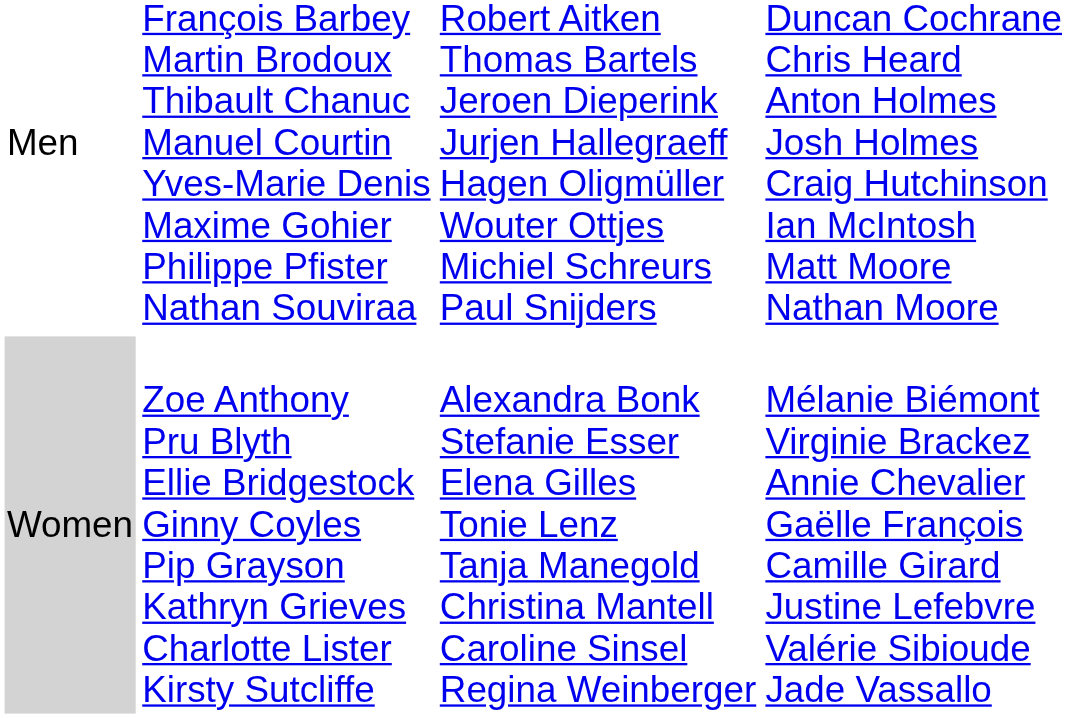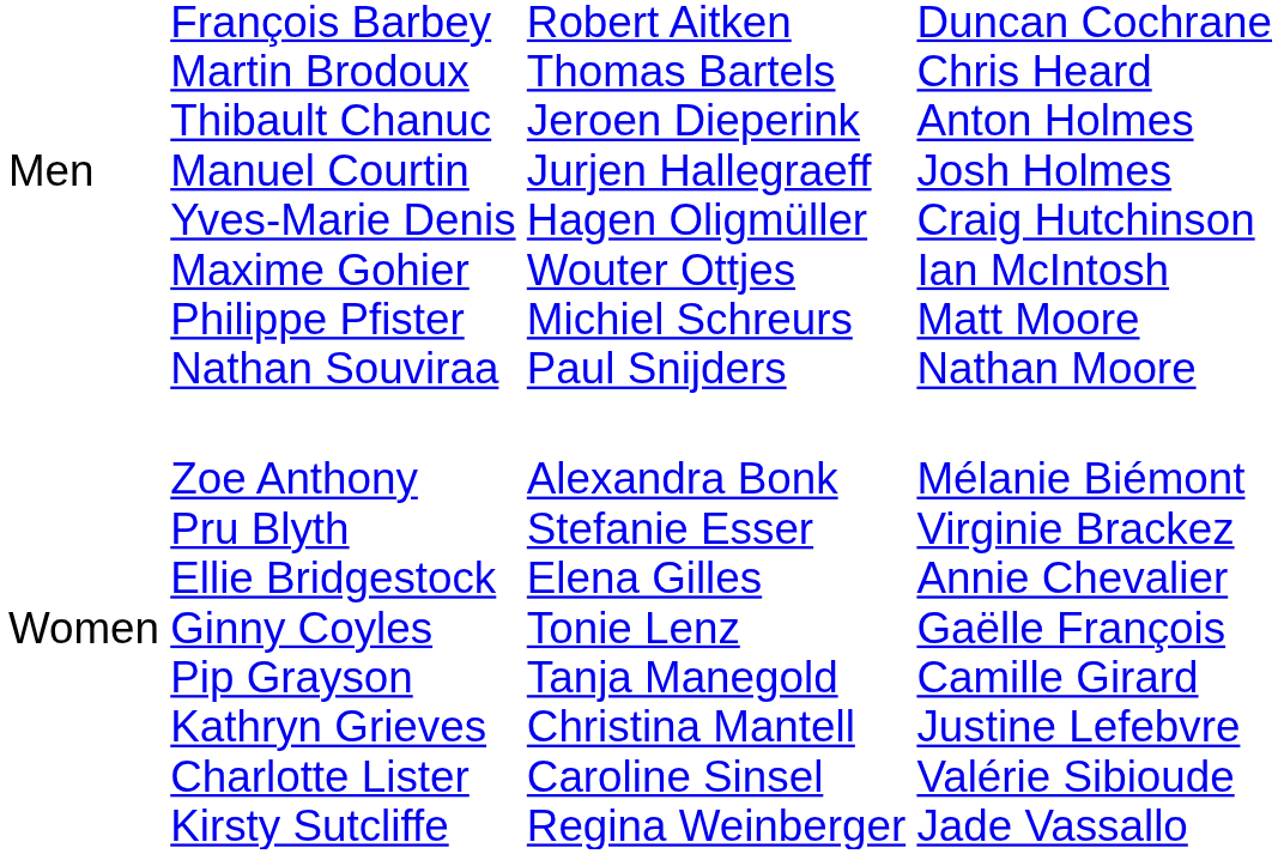 <table>
 <tr>
 <td>Men<br></td>
 <td><br><a href='#'>François Barbey</a><br><a href='#'>Martin Brodoux</a><br><a href='#'>Thibault Chanuc</a><br><a href='#'>Manuel Courtin</a><br><a href='#'>Yves-Marie Denis</a><br><a href='#'>Maxime Gohier</a><br><a href='#'>Philippe Pfister</a><br><a href='#'>Nathan Souviraa</a></td>
 <td><br><a href='#'>Robert Aitken</a><br><a href='#'>Thomas Bartels</a><br><a href='#'>Jeroen Dieperink</a><br><a href='#'>Jurjen Hallegraeff</a><br><a href='#'>Hagen Oligmüller</a><br><a href='#'>Wouter Ottjes</a><br><a href='#'>Michiel Schreurs</a><br><a href='#'>Paul Snijders</a></td>
 <td><br><a href='#'>Duncan Cochrane</a><br><a href='#'>Chris Heard</a><br><a href='#'>Anton Holmes</a><br><a href='#'>Josh Holmes</a><br><a href='#'>Craig Hutchinson</a><br><a href='#'>Ian McIntosh</a><br><a href='#'>Matt Moore</a><br><a href='#'>Nathan Moore</a></td>
 </tr>
 <tr>
-<td style="background: lightgrey;">Women<br></td>
+<td>Women<br></td>
 <td><br><a href='#'>Zoe Anthony</a><br><a href='#'>Pru Blyth</a><br><a href='#'>Ellie Bridgestock</a><br><a href='#'>Ginny Coyles</a><br><a href='#'>Pip Grayson</a><br><a href='#'>Kathryn Grieves</a><br><a href='#'>Charlotte Lister</a><br><a href='#'>Kirsty Sutcliffe</a></td>
 <td><br><a href='#'>Alexandra Bonk</a><br><a href='#'>Stefanie Esser</a><br><a href='#'>Elena Gilles</a><br><a href='#'>Tonie Lenz</a><br><a href='#'>Tanja Manegold</a><br><a href='#'>Christina Mantell</a><br><a href='#'>Caroline Sinsel</a><br><a href='#'>Regina Weinberger</a></td>
 <td><br><a href='#'>Mélanie Biémont</a><br><a href='#'>Virginie Brackez</a><br><a href='#'>Annie Chevalier</a><br><a href='#'>Gaëlle François</a><br><a href='#'>Camille Girard</a><br><a href='#'>Justine Lefebvre</a><br><a href='#'>Valérie Sibioude</a><br><a href='#'>Jade Vassallo</a></td>
 </tr>
 </table>
